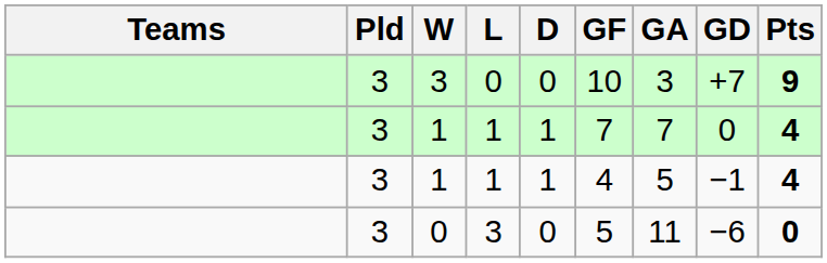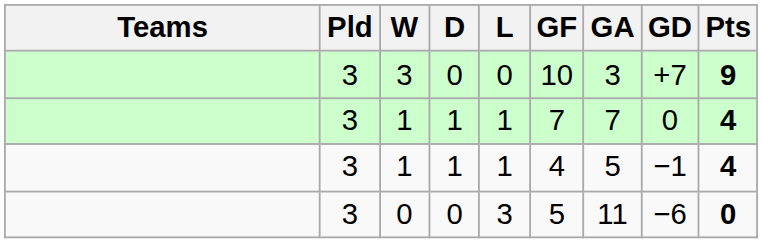 <table class="wikitable" style="text-align: center;">
 <tr>
 <th width=165>Teams</th>
 <th width=20>Pld</th>
 <th width=20>W</th>
+<th width=20>D</th>
 <th width=20>L</th>
-<th width=20>D</th>
 <th width=20>GF</th>
 <th width=20>GA</th>
 <th width=20>GD</th>
 <th width=20>Pts</th>
 </tr>
 <tr align=center style="background:#ccffcc;">
 <td style="text-align:left;"></td>
 <td>3</td>
 <td>3</td>
 <td>0</td>
 <td>0</td>
 <td>10</td>
 <td>3</td>
 <td>+7</td>
 <td><strong>9</strong></td>
 </tr>
 <tr align=center style="background:#ccffcc;">
 <td style="text-align:left;"></td>
 <td>3</td>
 <td>1</td>
 <td>1</td>
 <td>1</td>
 <td>7</td>
 <td>7</td>
 <td>0</td>
 <td><strong>4</strong></td>
 </tr>
 <tr align=center>
 <td style="text-align:left;"></td>
 <td>3</td>
 <td>1</td>
 <td>1</td>
 <td>1</td>
 <td>4</td>
 <td>5</td>
 <td>−1</td>
 <td><strong>4</strong></td>
 </tr>
 <tr align=center>
 <td style="text-align:left;"></td>
 <td>3</td>
 <td>0</td>
+<td>0</td>
 <td>3</td>
-<td>0</td>
 <td>5</td>
 <td>11</td>
 <td>−6</td>
 <td><strong>0</strong></td>
 </tr>
 </table>
